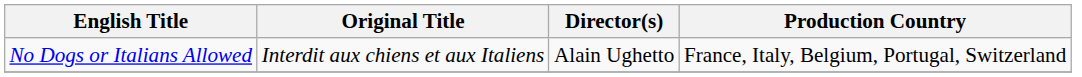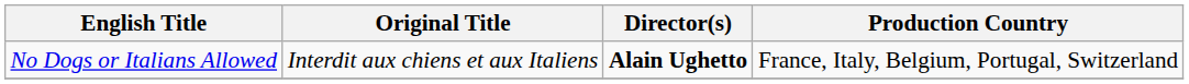 <table class="wikitable sortable">
 <tr>
 <th>English Title</th>
 <th>Original Title</th>
 <th>Director(s)</th>
 <th>Production Country</th>
 </tr>
 <tr>
 <td><em><a href='#'>No Dogs or Italians Allowed</a></em></td>
 <td><em>Interdit aux chiens et aux Italiens</em></td>
-<td>Alain Ughetto</td>
+<td><strong>Alain Ughetto</strong></td>
 <td>France, Italy, Belgium, Portugal, Switzerland</td>
 </tr>
 <tr>
 </tr>
 </table>
